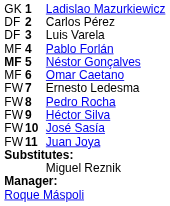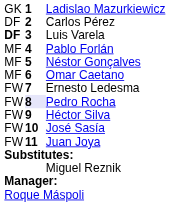 <table style="font-size:90%; margin:0.2em auto;" cellspacing="0" cellpadding="0">
 <tr>
 <th width="25"></th>
 <th width="25"></th>
 </tr>
 <tr>
 <td>GK</td>
 <td><strong>1</strong></td>
 <td> <a href='#'>Ladislao Mazurkiewicz</a></td>
 </tr>
 <tr>
 <td>DF</td>
 <td><strong>2</strong></td>
 <td> Carlos Pérez</td>
 </tr>
 <tr>
-<td>DF</td>
+<td><strong>DF</strong></td>
 <td><strong>3</strong></td>
 <td> Luis Varela</td>
 </tr>
 <tr>
 <td>MF</td>
 <td><strong>4</strong></td>
 <td> <a href='#'>Pablo Forlán</a></td>
 <td></td>
 <td></td>
 </tr>
 <tr>
-<td><strong>MF</strong></td>
+<td>MF</td>
 <td><strong>5</strong></td>
 <td> <a href='#'>Néstor Gonçalves</a></td>
 </tr>
 <tr>
 <td>MF</td>
 <td><strong>6</strong></td>
 <td> <a href='#'>Omar Caetano</a></td>
 </tr>
 <tr>
 <td>FW</td>
 <td><strong>7</strong></td>
 <td> Ernesto Ledesma</td>
 </tr>
 <tr>
 <td>FW</td>
-<td><strong>8</strong></td>
+<td style="background: lavender;"><strong>8</strong></td>
 <td> <a href='#'>Pedro Rocha</a></td>
 </tr>
 <tr>
 <td>FW</td>
 <td><strong>9</strong></td>
 <td> <a href='#'>Héctor Silva</a></td>
 </tr>
 <tr>
 <td>FW</td>
 <td><strong>10</strong></td>
 <td> <a href='#'>José Sasía</a></td>
 </tr>
 <tr>
 <td>FW</td>
 <td><strong>11</strong></td>
 <td> <a href='#'>Juan Joya</a></td>
 </tr>
 <tr>
 <td colspan=3><strong>Substitutes:</strong></td>
 </tr>
 <tr>
 <td></td>
 <td></td>
 <td> Miguel Reznik</td>
 <td></td>
 <td></td>
 </tr>
 <tr>
 <td colspan=3><strong>Manager:</strong></td>
 </tr>
 <tr>
 <td colspan=4> <a href='#'>Roque Máspoli</a></td>
 </tr>
 </table>
